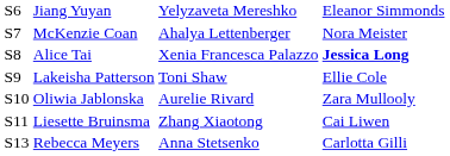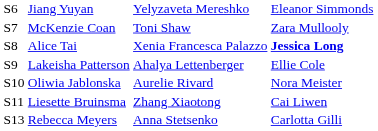 <table>
 <tr>
 <td>S6</td>
 <td><a href='#'>Jiang Yuyan</a><br></td>
 <td><a href='#'>Yelyzaveta Mereshko</a><br></td>
 <td><a href='#'>Eleanor Simmonds</a><br></td>
 </tr>
 <tr>
 <td>S7</td>
 <td><a href='#'>McKenzie Coan</a><br></td>
-<td><a href='#'>Ahalya Lettenberger</a><br></td>
-<td><a href='#'>Nora Meister</a><br></td>
+<td><a href='#'>Toni Shaw</a><br></td>
+<td><a href='#'>Zara Mullooly</a><br></td>
 </tr>
 <tr>
 <td>S8</td>
 <td><a href='#'>Alice Tai</a><br></td>
 <td><a href='#'>Xenia Francesca Palazzo</a><br></td>
 <td><strong><a href='#'>Jessica Long</a><br></strong></td>
 </tr>
 <tr>
 <td>S9</td>
 <td><a href='#'>Lakeisha Patterson</a><br></td>
-<td><a href='#'>Toni Shaw</a><br></td>
+<td><a href='#'>Ahalya Lettenberger</a><br></td>
 <td><a href='#'>Ellie Cole</a><br></td>
 </tr>
 <tr>
 <td>S10</td>
 <td><a href='#'>Oliwia Jablonska</a><br></td>
 <td><a href='#'>Aurelie Rivard</a><br></td>
-<td><a href='#'>Zara Mullooly</a><br></td>
+<td><a href='#'>Nora Meister</a><br></td>
 </tr>
 <tr>
 <td>S11</td>
 <td><a href='#'>Liesette Bruinsma</a><br></td>
 <td><a href='#'>Zhang Xiaotong</a><br></td>
 <td><a href='#'>Cai Liwen</a><br></td>
 </tr>
 <tr>
 <td>S13</td>
 <td><a href='#'>Rebecca Meyers</a><br></td>
 <td><a href='#'>Anna Stetsenko</a><br></td>
 <td><a href='#'>Carlotta Gilli</a><br></td>
 </tr>
 </table>
